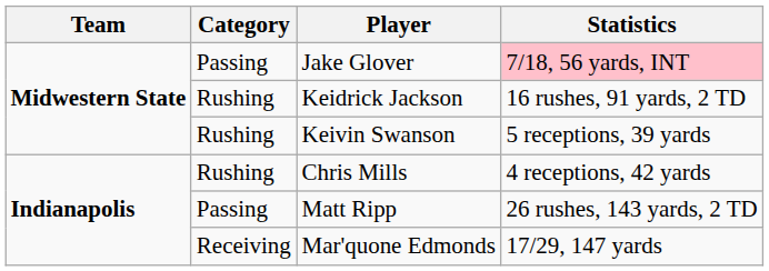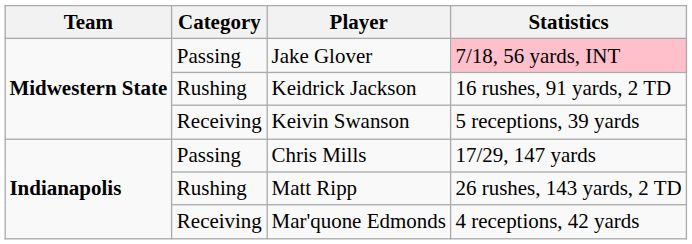 <table class="wikitable" style="float: right;">
 <tr>
 <th>Team</th>
 <th>Category</th>
 <th>Player</th>
 <th>Statistics</th>
 </tr>
 <tr>
 <td rowspan=3><strong>Midwestern State</strong></td>
 <td>Passing</td>
 <td>Jake Glover</td>
 <td style="background: pink;">7/18, 56 yards, INT</td>
 </tr>
 <tr>
 <td>Rushing</td>
 <td>Keidrick Jackson</td>
 <td>16 rushes, 91 yards, 2 TD</td>
 </tr>
 <tr>
-<td>Rushing</td>
+<td>Receiving</td>
 <td>Keivin Swanson</td>
 <td>5 receptions, 39 yards</td>
 </tr>
 <tr>
 <td rowspan=3><strong>Indianapolis</strong></td>
-<td>Rushing</td>
+<td>Passing</td>
 <td>Chris Mills</td>
-<td>4 receptions, 42 yards</td>
+<td>17/29, 147 yards</td>
 </tr>
 <tr>
-<td>Passing</td>
+<td>Rushing</td>
 <td>Matt Ripp</td>
 <td>26 rushes, 143 yards, 2 TD</td>
 </tr>
 <tr>
 <td>Receiving</td>
 <td>Mar'quone Edmonds</td>
-<td>17/29, 147 yards</td>
+<td>4 receptions, 42 yards</td>
 </tr>
 </table>
